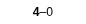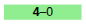 <table style="text-align:center">
 <tr>
 <th width=223></th>
 <th width=100></th>
 <th width=223></th>
 </tr>
 <tr>
 <td align=right><small><span></span></small><strong></strong></td>
-<td><strong>4</strong>–0</td>
+<td style="background: lightgreen;"><strong>4</strong>–0</td>
 <td align=left> <small><span></span></small></td>
 </tr>
 </table>
